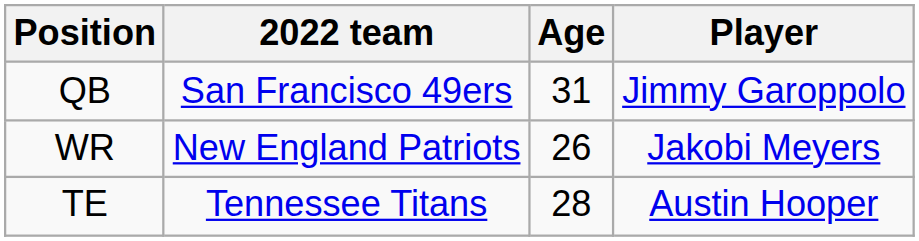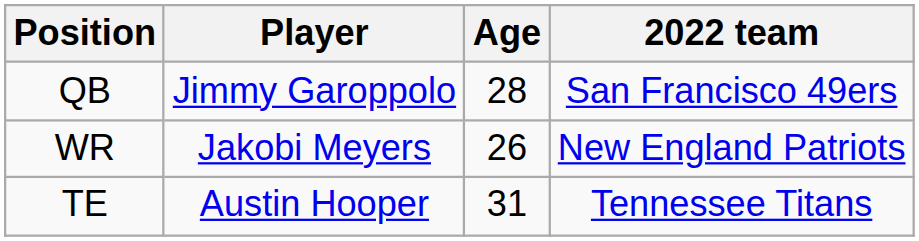 <table class="wikitable" style="text-align:center">
 <tr>
 <th>Position</th>
+<th>Player</th>
+<th>Age</th>
 <th>2022 team</th>
-<th>Age</th>
-<th>Player</th>
 </tr>
 <tr>
 <td>QB</td>
+<td><a href='#'>Jimmy Garoppolo</a></td>
+<td>28</td>
 <td><a href='#'>San Francisco 49ers</a></td>
-<td>31</td>
-<td><a href='#'>Jimmy Garoppolo</a></td>
 </tr>
 <tr>
 <td>WR</td>
+<td><a href='#'>Jakobi Meyers</a></td>
+<td>26</td>
 <td><a href='#'>New England Patriots</a></td>
-<td>26</td>
-<td><a href='#'>Jakobi Meyers</a></td>
 </tr>
 <tr>
 <td>TE</td>
+<td><a href='#'>Austin Hooper</a></td>
+<td>31</td>
 <td><a href='#'>Tennessee Titans</a></td>
-<td>28</td>
-<td><a href='#'>Austin Hooper</a></td>
 </tr>
 </table>
